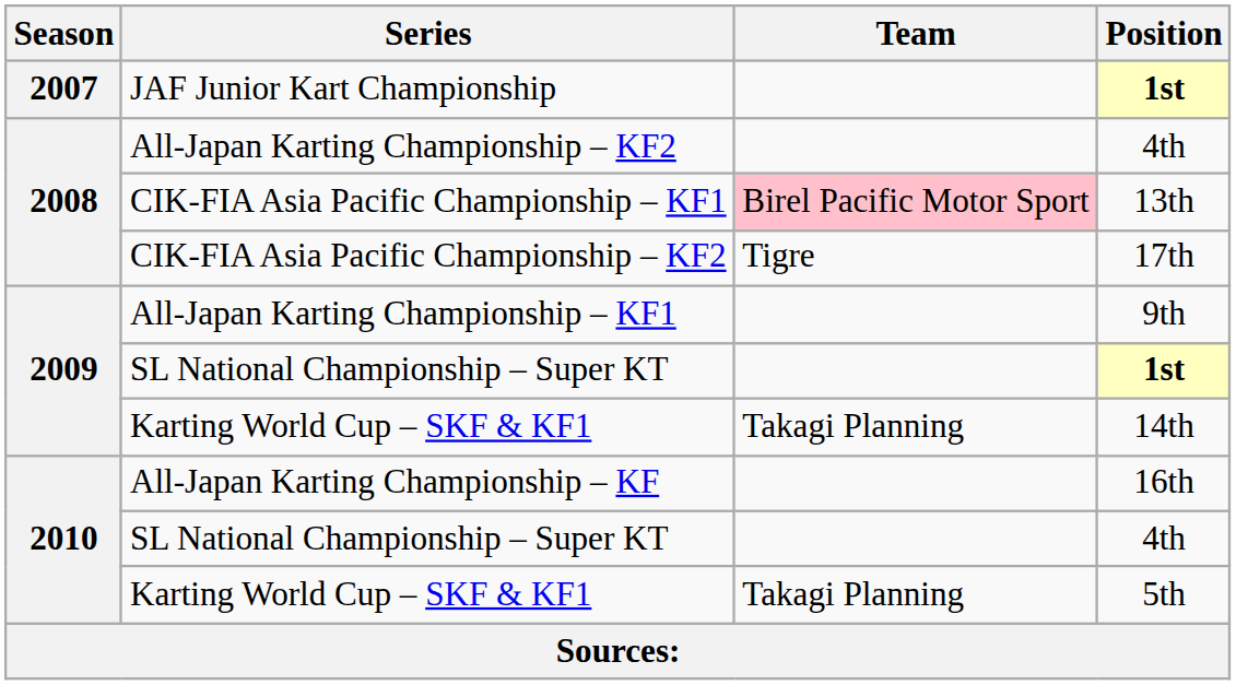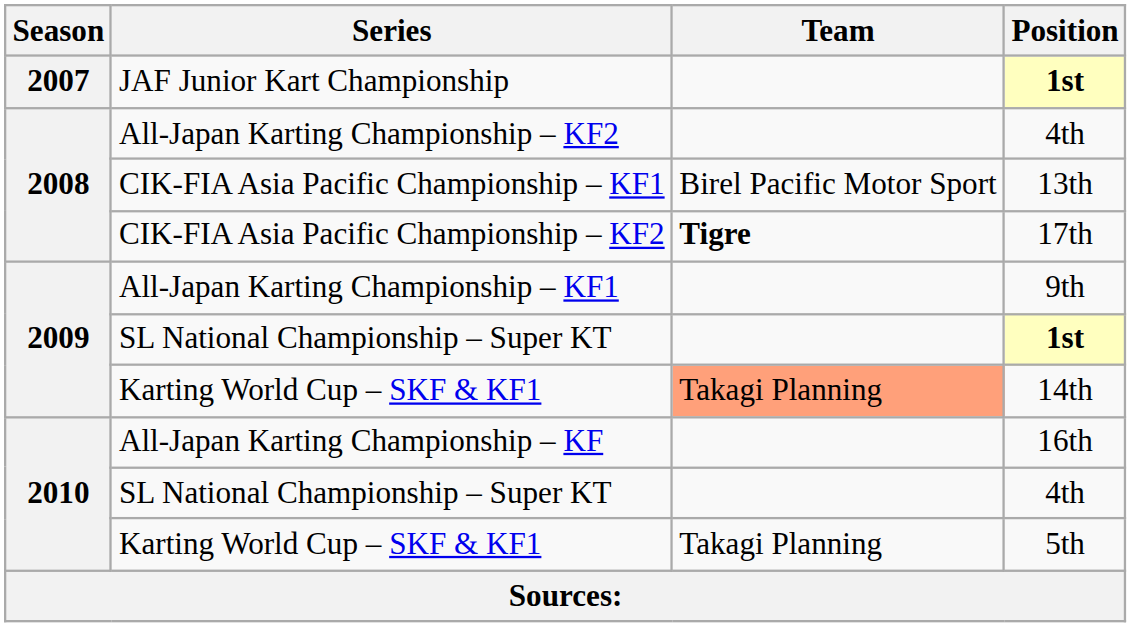 <table class="wikitable" style="font-size: 85%; text-align:center">
 <tr>
 <th>Season</th>
 <th>Series</th>
 <th>Team</th>
 <th>Position</th>
 </tr>
 <tr>
 <th>2007</th>
 <td align="left">JAF Junior Kart Championship</td>
 <td align="left"></td>
 <td style="background:#FFFFBF;"><strong>1st</strong></td>
 </tr>
 <tr>
 <th rowspan="3">2008</th>
 <td align="left">All-Japan Karting Championship – <a href='#'>KF2</a></td>
 <td align="left"></td>
 <td style="background:#;">4th</td>
 </tr>
 <tr>
 <td align="left">CIK-FIA Asia Pacific Championship – <a href='#'>KF1</a></td>
-<td align="left" style="background: pink;">Birel Pacific Motor Sport</td>
+<td align="left">Birel Pacific Motor Sport</td>
 <td style="background:#;">13th</td>
 </tr>
 <tr>
 <td align="left">CIK-FIA Asia Pacific Championship – <a href='#'>KF2</a></td>
-<td align="left">Tigre</td>
+<td align="left"><strong>Tigre</strong></td>
 <td style="background:#;">17th</td>
 </tr>
 <tr>
 <th rowspan="3">2009</th>
 <td align="left">All-Japan Karting Championship – <a href='#'>KF1</a></td>
 <td align="left"></td>
 <td style="background:#;">9th</td>
 </tr>
 <tr>
 <td align="left">SL National Championship – Super KT</td>
 <td align="left"></td>
 <td style="background:#FFFFBF;"><strong>1st</strong></td>
 </tr>
 <tr>
 <td align="left">Karting World Cup – <a href='#'>SKF & KF1</a></td>
-<td align="left">Takagi Planning</td>
+<td align="left" style="background: lightsalmon;">Takagi Planning</td>
 <td style="background:#;">14th</td>
 </tr>
 <tr>
 <th rowspan="3">2010</th>
 <td align="left">All-Japan Karting Championship – <a href='#'>KF</a></td>
 <td align="left"></td>
 <td style="background:#;">16th</td>
 </tr>
 <tr>
 <td align="left">SL National Championship – Super KT</td>
 <td align="left"></td>
 <td style="background:#;">4th</td>
 </tr>
 <tr>
 <td align="left">Karting World Cup – <a href='#'>SKF & KF1</a></td>
 <td align="left">Takagi Planning</td>
 <td style="background:#;">5th</td>
 </tr>
 <tr>
 <th colspan="4">Sources:</th>
 </tr>
 </table>
